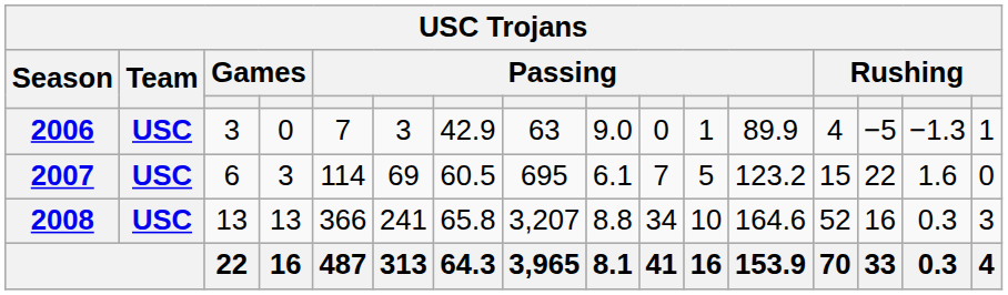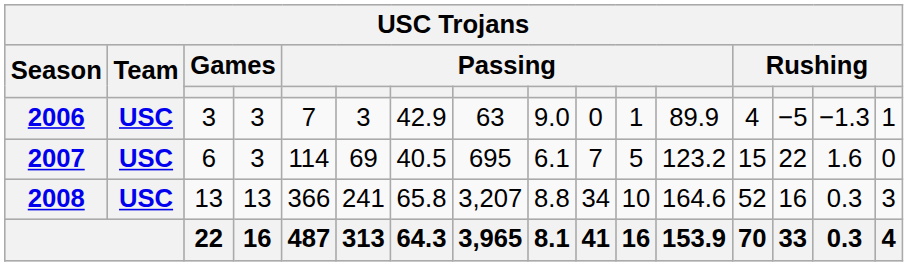 <table class="wikitable" style="text-align: center;">
 <tr>
 <th colspan="18">USC Trojans</th>
 </tr>
 <tr>
 <th rowspan="2">Season</th>
 <th rowspan="2">Team</th>
 <th colspan="2">Games</th>
 <th colspan="8">Passing</th>
 <th colspan="4">Rushing</th>
 </tr>
 <tr>
 <th></th>
 <th></th>
 <th></th>
 <th></th>
 <th></th>
 <th></th>
 <th></th>
 <th></th>
 <th></th>
 <th></th>
 <th></th>
 <th></th>
 <th></th>
 <th></th>
 </tr>
 <tr>
 <th><a href='#'>2006</a></th>
 <th><a href='#'>USC</a></th>
 <td>3</td>
-<td>0</td>
+<td>3</td>
 <td>7</td>
 <td>3</td>
 <td>42.9</td>
 <td>63</td>
 <td>9.0</td>
 <td>0</td>
 <td>1</td>
 <td>89.9</td>
 <td>4</td>
 <td>−5</td>
 <td>−1.3</td>
 <td>1</td>
 </tr>
 <tr>
 <th><a href='#'>2007</a></th>
 <th><a href='#'>USC</a></th>
 <td>6</td>
 <td>3</td>
 <td>114</td>
 <td>69</td>
-<td>60.5</td>
+<td>40.5</td>
 <td>695</td>
 <td>6.1</td>
 <td>7</td>
 <td>5</td>
 <td>123.2</td>
 <td>15</td>
 <td>22</td>
 <td>1.6</td>
 <td>0</td>
 </tr>
 <tr>
 <th><a href='#'>2008</a></th>
 <th><a href='#'>USC</a></th>
 <td>13</td>
 <td>13</td>
 <td>366</td>
 <td>241</td>
 <td>65.8</td>
 <td>3,207</td>
 <td>8.8</td>
 <td>34</td>
 <td>10</td>
 <td>164.6</td>
 <td>52</td>
 <td>16</td>
 <td>0.3</td>
 <td>3</td>
 </tr>
 <tr>
 <th colspan="2"></th>
 <th>22</th>
 <th>16</th>
 <th>487</th>
 <th>313</th>
 <th>64.3</th>
 <th>3,965</th>
 <th>8.1</th>
 <th>41</th>
 <th>16</th>
 <th>153.9</th>
 <th>70</th>
 <th>33</th>
 <th>0.3</th>
 <th>4</th>
 </tr>
 </table>
